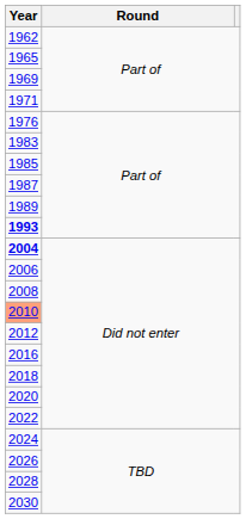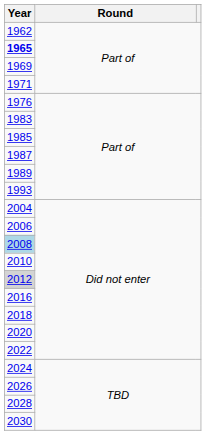 <table class="wikitable" style="text-align: center; font-size:90%">
 <tr>
 <th>Year</th>
 <th style="width:200px">Round</th>
 <th></th>
 </tr>
 <tr>
 <td><a href='#'>1962</a></td>
 <td colspan="2" rowspan="4"><em>Part of </em></td>
 </tr>
 <tr>
-<td><a href='#'>1965</a></td>
+<td><strong><a href='#'>1965</a></strong></td>
 </tr>
 <tr>
 <td><a href='#'>1969</a></td>
 </tr>
 <tr>
 <td><a href='#'>1971</a></td>
 </tr>
 <tr>
 <td><a href='#'>1976</a></td>
 <td colspan="2" rowspan="6"><em>Part of </em></td>
 </tr>
 <tr>
 <td><a href='#'>1983</a></td>
 </tr>
 <tr>
 <td><a href='#'>1985</a></td>
 </tr>
 <tr>
 <td><a href='#'>1987</a></td>
 </tr>
 <tr>
 <td><a href='#'>1989</a></td>
 </tr>
 <tr>
-<td><strong><a href='#'>1993</a></strong></td>
+<td><a href='#'>1993</a></td>
 </tr>
 <tr>
-<td><strong><a href='#'>2004</a></strong></td>
+<td><a href='#'>2004</a></td>
 <td colspan="2" rowspan="9"><em>Did not enter</em></td>
 </tr>
 <tr>
 <td><a href='#'>2006</a></td>
 </tr>
 <tr>
-<td><a href='#'>2008</a></td>
+<td style="background: lightblue;"><a href='#'>2008</a></td>
 </tr>
 <tr>
-<td style="background: lightsalmon;"><a href='#'>2010</a></td>
+<td><a href='#'>2010</a></td>
 </tr>
 <tr>
-<td><a href='#'>2012</a></td>
+<td style="background: lightgrey;"><a href='#'>2012</a></td>
 </tr>
 <tr>
 <td><a href='#'>2016</a></td>
 </tr>
 <tr>
 <td><a href='#'>2018</a></td>
 </tr>
 <tr>
 <td><a href='#'>2020</a></td>
 </tr>
 <tr>
 <td><a href='#'>2022</a></td>
 </tr>
 <tr>
 <td><a href='#'>2024</a></td>
 <td colspan="2" rowspan="4"><em>TBD</em></td>
 </tr>
 <tr>
 <td><a href='#'>2026</a></td>
 </tr>
 <tr>
 <td><a href='#'>2028</a></td>
 </tr>
 <tr>
 <td><a href='#'>2030</a></td>
 </tr>
 </table>
